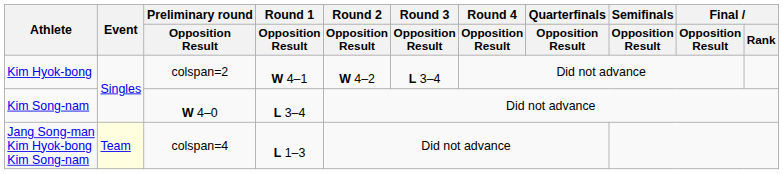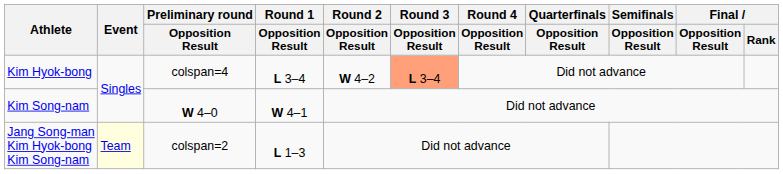 <table class="wikitable" style="font-size:90%">
 <tr>
 <th rowspan="2">Athlete</th>
 <th rowspan="2">Event</th>
 <th>Preliminary round</th>
 <th>Round 1</th>
 <th>Round 2</th>
 <th>Round 3</th>
 <th>Round 4</th>
 <th>Quarterfinals</th>
 <th>Semifinals</th>
 <th colspan=2>Final / </th>
 </tr>
 <tr style="font-size:95%">
 <th>Opposition<br>Result</th>
 <th>Opposition<br>Result</th>
 <th>Opposition<br>Result</th>
 <th>Opposition<br>Result</th>
 <th>Opposition<br>Result</th>
 <th>Opposition<br>Result</th>
 <th>Opposition<br>Result</th>
 <th>Opposition<br>Result</th>
 <th>Rank</th>
 </tr>
 <tr align=center>
 <td align=left><a href='#'>Kim Hyok-bong</a></td>
 <td align=left rowspan=2><a href='#'>Singles</a></td>
-<td>colspan=2 </td>
-<td><br><strong>W</strong> 4–1</td>
+<td>colspan=4 </td>
+<td><br><strong>L</strong> 3–4</td>
 <td><br><strong>W</strong> 4–2</td>
-<td><br><strong>L</strong> 3–4</td>
+<td style="background: lightsalmon;"><br><strong>L</strong> 3–4</td>
 <td colspan=4>Did not advance</td>
 </tr>
 <tr align=center>
 <td align=left><a href='#'>Kim Song-nam</a></td>
 <td><br><strong>W</strong> 4–0</td>
-<td><br><strong>L</strong> 3–4</td>
+<td><br><strong>W</strong> 4–1</td>
 <td colspan=7>Did not advance</td>
 </tr>
 <tr align=center>
 <td align=left><a href='#'>Jang Song-man</a><br><a href='#'>Kim Hyok-bong</a><br><a href='#'>Kim Song-nam</a></td>
 <td align=left style="background: lightyellow;"><a href='#'>Team</a></td>
-<td>colspan=4 </td>
+<td>colspan=2 </td>
 <td><br><strong>L</strong> 1–3</td>
 <td colspan=4>Did not advance</td>
 </tr>
 </table>
